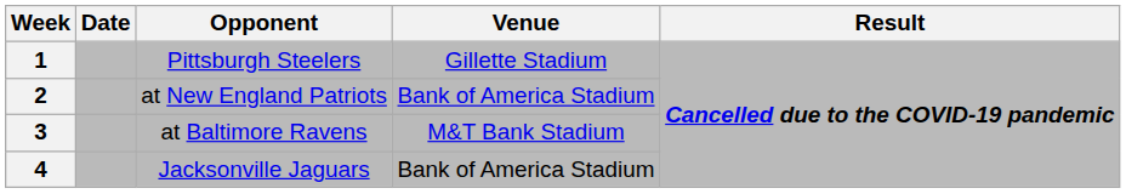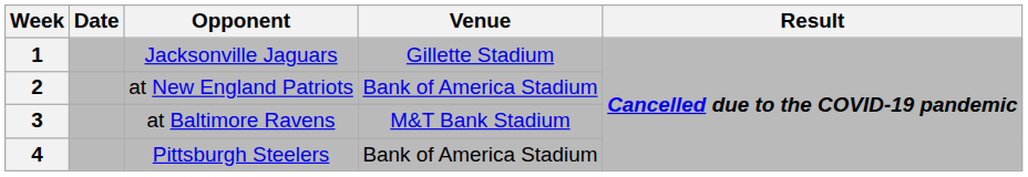 <table class="wikitable" style="text-align:center">
 <tr>
 <th>Week</th>
 <th>Date</th>
 <th>Opponent</th>
 <th>Venue</th>
 <th>Result</th>
 </tr>
 <tr style="background:#bababa">
 <th>1</th>
 <td></td>
-<td><a href='#'>Pittsburgh Steelers</a></td>
+<td><a href='#'>Jacksonville Jaguars</a></td>
 <td><a href='#'>Gillette Stadium</a></td>
 <td rowspan=4><strong><em><a href='#'>Cancelled</a> due to the COVID-19 pandemic</em></strong></td>
 </tr>
 <tr style="background:#bababa">
 <th>2</th>
 <td></td>
 <td>at <a href='#'>New England Patriots</a></td>
 <td><a href='#'>Bank of America Stadium</a></td>
 </tr>
 <tr style="background:#bababa">
 <th>3</th>
 <td></td>
 <td>at <a href='#'>Baltimore Ravens</a></td>
 <td><a href='#'>M&T Bank Stadium</a></td>
 </tr>
 <tr style="background:#bababa">
 <th>4</th>
 <td></td>
-<td><a href='#'>Jacksonville Jaguars</a></td>
+<td><a href='#'>Pittsburgh Steelers</a></td>
 <td>Bank of America Stadium</td>
 </tr>
 </table>
